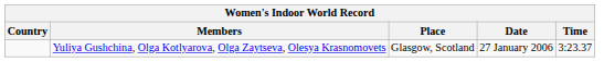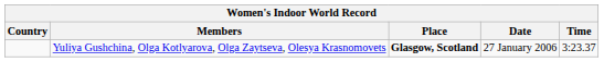 <table class=wikitable>
 <tr>
 <th colspan=5>Women's Indoor World Record</th>
 </tr>
 <tr>
 <th>Country</th>
 <th>Members</th>
 <th>Place</th>
 <th>Date</th>
 <th>Time</th>
 </tr>
 <tr>
 <td></td>
 <td><a href='#'>Yuliya Gushchina</a>, <a href='#'>Olga Kotlyarova</a>, <a href='#'>Olga Zaytseva</a>, <a href='#'>Olesya Krasnomovets</a></td>
-<td>Glasgow, Scotland</td>
+<td><strong>Glasgow, Scotland</strong></td>
 <td>27 January 2006</td>
 <td>3:23.37</td>
 </tr>
 </table>
